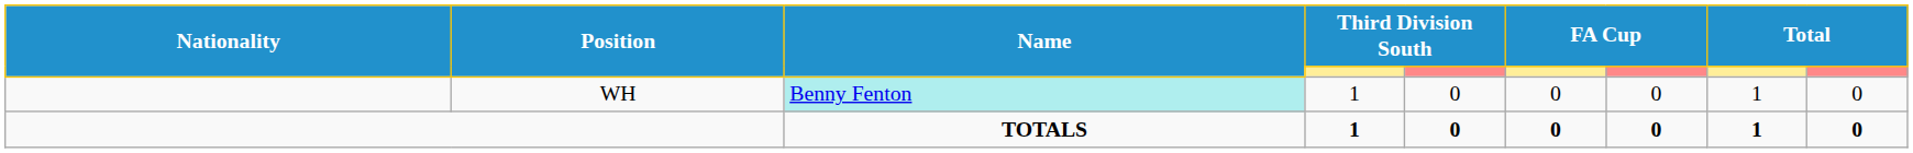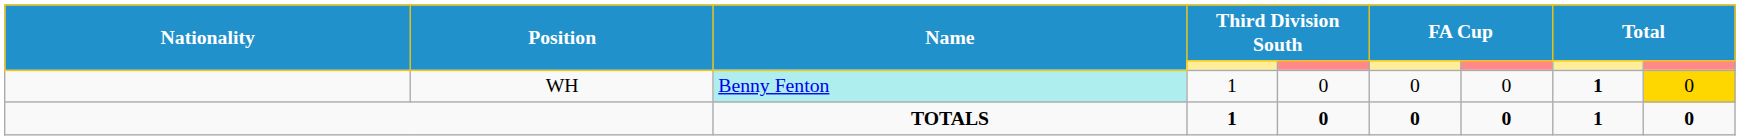 <table class="wikitable" style="text-align:center; font-size:90%; width:100%;">
 <tr>
 <th rowspan="2" style="background:#2191CC; color:white; border:1px solid #F7C408; text-align:center;">Nationality</th>
 <th rowspan="2" style="background:#2191CC; color:white; border:1px solid #F7C408; text-align:center;">Position</th>
 <th rowspan="2" style="background:#2191CC; color:white; border:1px solid #F7C408; text-align:center;">Name</th>
 <th colspan="2" style="background:#2191CC; color:white; border:1px solid #F7C408; text-align:center;">Third Division South</th>
 <th colspan="2" style="background:#2191CC; color:white; border:1px solid #F7C408; text-align:center;">FA Cup</th>
 <th colspan="2" style="background:#2191CC; color:white; border:1px solid #F7C408; text-align:center;">Total</th>
 </tr>
 <tr>
 <th width=60 style="background: #FFEE99"></th>
 <th width=60 style="background: #FF8888"></th>
 <th width=60 style="background: #FFEE99"></th>
 <th width=60 style="background: #FF8888"></th>
 <th width=60 style="background: #FFEE99"></th>
 <th width=60 style="background: #FF8888"></th>
 </tr>
 <tr>
 <td></td>
 <td>WH</td>
 <td align="left" style="background: paleturquoise;"><a href='#'>Benny Fenton</a></td>
 <td>1</td>
 <td>0</td>
 <td>0</td>
 <td>0</td>
-<td>1</td>
-<td>0</td>
+<td><strong>1</strong></td>
+<td style="background: gold;">0</td>
 </tr>
 <tr>
 <td colspan="2"></td>
 <td><strong>TOTALS</strong></td>
 <td><strong>1</strong></td>
 <td><strong>0</strong></td>
 <td><strong>0</strong></td>
 <td><strong>0</strong></td>
 <td><strong>1</strong></td>
 <td><strong>0</strong></td>
 </tr>
 </table>
